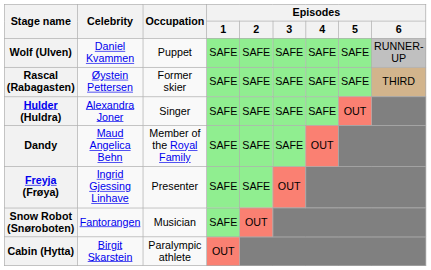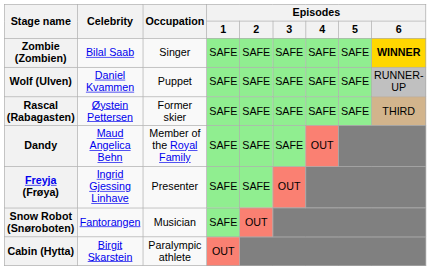 <table class="wikitable" style="text-align:center; ">
 <tr>
 <th rowspan=2>Stage name</th>
 <th rowspan=2>Celebrity</th>
 <th rowspan=2>Occupation</th>
 <th colspan="6">Episodes</th>
 </tr>
 <tr>
 <th rowspan="1">1</th>
 <th rowspan="1">2</th>
 <th rowspan="1">3</th>
 <th rowspan="1">4</th>
 <th rowspan="1">5</th>
 <th rowspan="1">6</th>
+</tr>
+<tr>
+<th>Zombie (Zombien)</th>
+<td><a href='#'>Bilal Saab</a></td>
+<td>Singer</td>
+<td bgcolor="lightgreen">SAFE</td>
+<td bgcolor="lightgreen">SAFE</td>
+<td bgcolor="lightgreen">SAFE</td>
+<td bgcolor="lightgreen">SAFE</td>
+<td bgcolor="lightgreen">SAFE</td>
+<td bgcolor=gold><strong>WINNER</strong></td>
 </tr>
 <tr>
 <th>Wolf (Ulven)</th>
 <td><a href='#'>Daniel Kvammen</a></td>
 <td>Puppet</td>
 <td bgcolor="lightgreen">SAFE</td>
 <td bgcolor="lightgreen">SAFE</td>
 <td bgcolor="lightgreen">SAFE</td>
 <td bgcolor="lightgreen">SAFE</td>
 <td bgcolor="lightgreen">SAFE</td>
 <td bgcolor=silver>RUNNER-UP</td>
 </tr>
 <tr>
 <th>Rascal (Rabagasten)</th>
 <td><a href='#'>Øystein Pettersen</a></td>
 <td>Former skier</td>
 <td bgcolor="lightgreen">SAFE</td>
 <td bgcolor="lightgreen">SAFE</td>
 <td bgcolor="lightgreen">SAFE</td>
 <td bgcolor="lightgreen">SAFE</td>
 <td bgcolor="lightgreen">SAFE</td>
 <td bgcolor=tan>THIRD</td>
-</tr>
-<tr>
-<th><a href='#'>Hulder</a> (Huldra)</th>
-<td><a href='#'>Alexandra Joner</a></td>
-<td>Singer</td>
-<td bgcolor="lightgreen">SAFE</td>
-<td bgcolor="lightgreen">SAFE</td>
-<td bgcolor="lightgreen">SAFE</td>
-<td bgcolor="lightgreen">SAFE</td>
-<td bgcolor=salmon>OUT</td>
-<td bgcolor="grey"></td>
 </tr>
 <tr>
 <th>Dandy</th>
 <td><a href='#'>Maud Angelica Behn</a></td>
 <td>Member of the <a href='#'>Royal Family</a></td>
 <td bgcolor="lightgreen">SAFE</td>
 <td bgcolor="lightgreen">SAFE</td>
 <td bgcolor="lightgreen">SAFE</td>
 <td bgcolor=salmon>OUT</td>
 <td colspan="2" bgcolor="grey"></td>
 </tr>
 <tr>
 <th><a href='#'>Freyja</a> (Frøya)</th>
 <td><a href='#'>Ingrid Gjessing Linhave</a></td>
 <td>Presenter</td>
 <td bgcolor="lightgreen">SAFE</td>
 <td bgcolor="lightgreen">SAFE</td>
 <td bgcolor=salmon>OUT</td>
 <td colspan="3" bgcolor="grey"></td>
 </tr>
 <tr>
 <th>Snow Robot (Snøroboten)</th>
 <td><a href='#'>Fantorangen</a></td>
 <td>Musician</td>
 <td bgcolor="lightgreen">SAFE</td>
 <td bgcolor=salmon>OUT</td>
 <td colspan="4" bgcolor="grey"></td>
 </tr>
 <tr>
 <th>Cabin (Hytta)</th>
 <td><a href='#'>Birgit Skarstein</a></td>
 <td>Paralympic athlete</td>
 <td bgcolor=salmon>OUT</td>
 <td colspan="5" bgcolor="grey"></td>
 </tr>
 </table>
